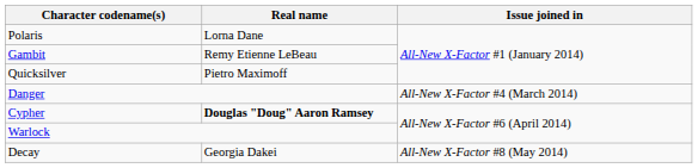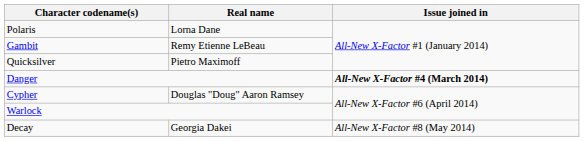 <table class="wikitable" style="width:70%;">
 <tr>
 <th style="width:20%;">Character codename(s)</th>
 <th style="width:20%;">Real name</th>
 <th style="width:30%;">Issue joined in</th>
 </tr>
 <tr>
 <td>Polaris</td>
 <td>Lorna Dane</td>
 <td rowspan=3><em><a href='#'>All-New X-Factor</a></em> #1 (January 2014)</td>
 </tr>
 <tr>
 <td><a href='#'>Gambit</a></td>
 <td>Remy Etienne LeBeau</td>
 </tr>
 <tr>
 <td>Quicksilver</td>
 <td>Pietro Maximoff</td>
 </tr>
 <tr>
 <td colspan=2><a href='#'>Danger</a></td>
-<td><em>All-New X-Factor</em> #4 (March 2014)</td>
+<td><strong><em>All-New X-Factor</em> #4 (March 2014)</strong></td>
 </tr>
 <tr>
 <td><a href='#'>Cypher</a></td>
-<td><strong>Douglas "Doug" Aaron Ramsey</strong></td>
+<td>Douglas "Doug" Aaron Ramsey</td>
 <td rowspan=2><em>All-New X-Factor</em> #6 (April 2014)</td>
 </tr>
 <tr>
 <td colspan=2><a href='#'>Warlock</a></td>
 </tr>
 <tr>
 <td>Decay</td>
 <td>Georgia Dakei</td>
 <td><em>All-New X-Factor</em> #8 (May 2014)</td>
 </tr>
 </table>
